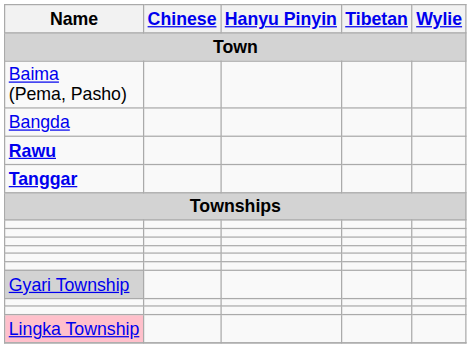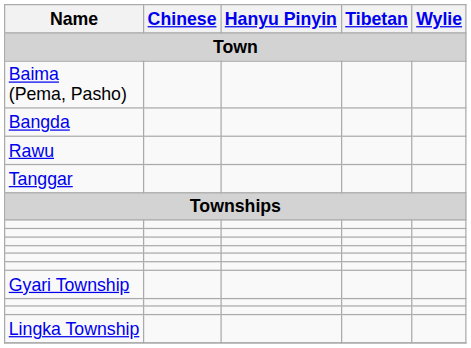 <table class="wikitable"  style="font-size:90%;" align=center>
 <tr>
 <th>Name</th>
 <th><a href='#'>Chinese</a></th>
 <th><a href='#'>Hanyu Pinyin</a></th>
 <th><a href='#'>Tibetan</a></th>
 <th><a href='#'>Wylie</a></th>
 </tr>
 <tr --------->
 <td colspan="7"  style="text-align:center; background:#d3d3d3;"><strong>Town</strong></td>
 </tr>
 <tr --------->
 <td><a href='#'>Baima</a><br>(Pema, Pasho)</td>
 <td></td>
 <td></td>
 <td></td>
 <td></td>
 </tr>
 <tr>
 <td><a href='#'>Bangda</a></td>
 <td></td>
 <td></td>
 <td></td>
 <td></td>
 </tr>
 <tr>
-<td><strong><a href='#'>Rawu</a></strong></td>
+<td><a href='#'>Rawu</a></td>
 <td></td>
 <td></td>
 <td></td>
 <td></td>
 </tr>
 <tr>
-<td><strong><a href='#'>Tanggar</a></strong></td>
+<td><a href='#'>Tanggar</a></td>
 <td></td>
 <td></td>
 <td></td>
 <td></td>
 </tr>
 <tr --------->
 <td colspan="7"  style="text-align:center; background:#d3d3d3;"><strong>Townships</strong></td>
 </tr>
 <tr --------->
 <td></td>
 <td></td>
 <td></td>
 <td></td>
 <td></td>
 </tr>
 <tr>
 <td></td>
 <td></td>
 <td></td>
 <td></td>
 <td></td>
 </tr>
 <tr>
 <td></td>
 <td></td>
 <td></td>
 <td></td>
 <td></td>
 </tr>
 <tr>
 <td></td>
 <td></td>
 <td></td>
 <td></td>
 <td></td>
 </tr>
 <tr>
 <td></td>
 <td></td>
 <td></td>
 <td></td>
 <td></td>
 </tr>
 <tr>
 <td></td>
 <td></td>
 <td></td>
 <td></td>
 <td></td>
 </tr>
 <tr>
-<td style="background: lightgrey;"><a href='#'>Gyari Township</a></td>
+<td><a href='#'>Gyari Township</a></td>
 <td></td>
 <td></td>
 <td></td>
 <td></td>
 </tr>
 <tr>
 <td></td>
 <td></td>
 <td></td>
 <td></td>
 <td></td>
 </tr>
 <tr>
 <td></td>
 <td></td>
 <td></td>
 <td></td>
 <td></td>
 </tr>
 <tr>
-<td style="background: pink;"><a href='#'>Lingka Township</a></td>
+<td><a href='#'>Lingka Township</a></td>
 <td></td>
 <td></td>
 <td></td>
 <td></td>
 </tr>
 <tr>
 </tr>
 </table>
